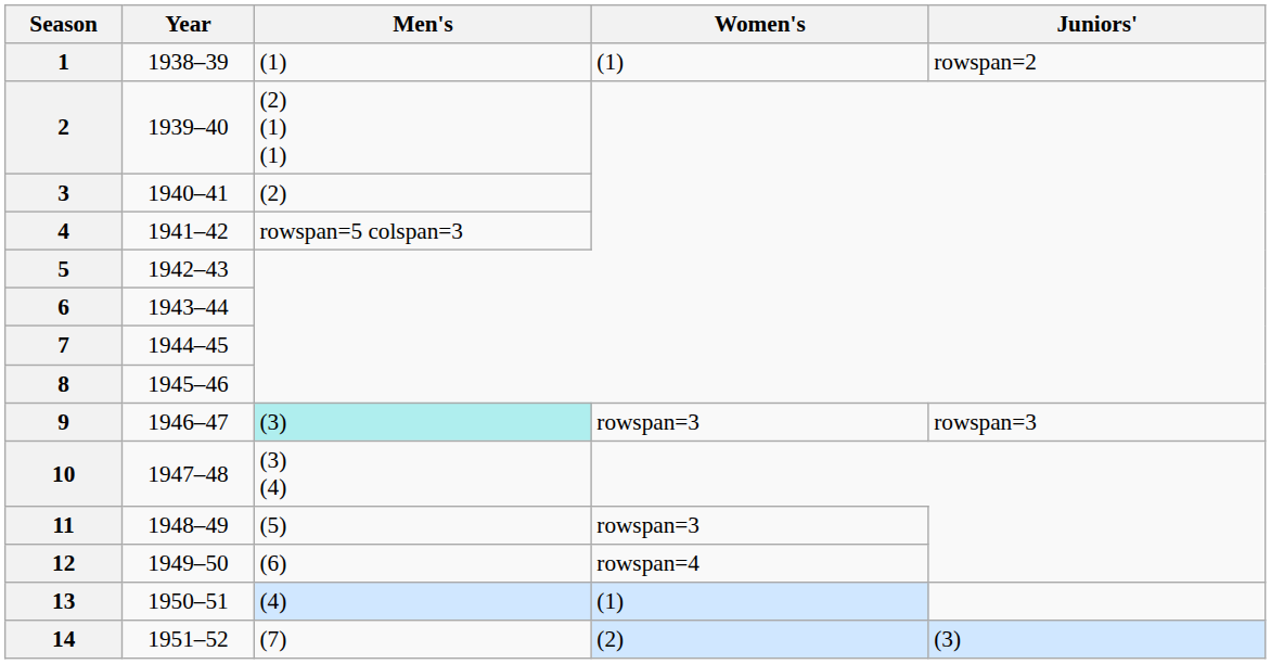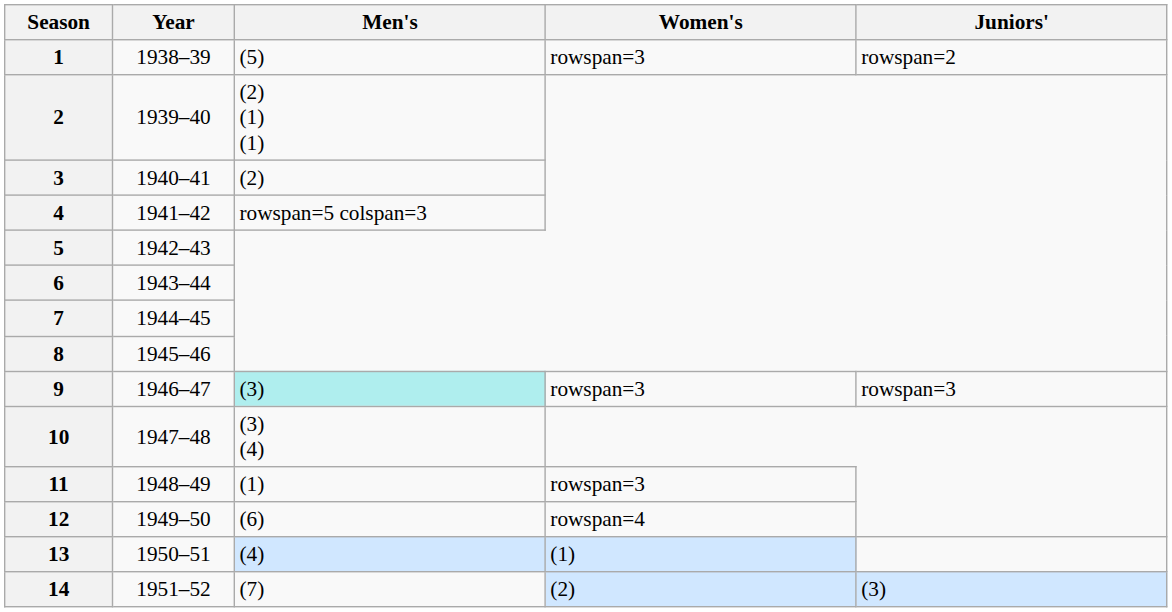 <table class="wikitable plainrowheaders" style="font-size:95%;">
 <tr>
 <th scope="col" style="width:70px;">Season</th>
 <th scope="col" style="width:80px;">Year</th>
 <th scope="col" style="width:215px;">Men's</th>
 <th scope="col" style="width:215px;">Women's</th>
 <th scope="col" style="width:215px;">Juniors'</th>
 </tr>
 <tr>
 <th scope="row" style="text-align:center;">1</th>
 <td align=center>1938–39</td>
-<td> (1)</td>
-<td> (1)</td>
+<td> (5)</td>
+<td>rowspan=3 </td>
 <td>rowspan=2 </td>
 </tr>
 <tr>
 <th scope="row" style="text-align:center;">2</th>
 <td align=center>1939–40</td>
 <td> (2)<br> (1)<br> (1)</td>
 </tr>
 <tr>
 <th scope="row" style="text-align:center;">3</th>
 <td align=center>1940–41</td>
 <td> (2)</td>
 </tr>
 <tr>
 <th scope="row" style="text-align:center;">4</th>
 <td align=center>1941–42</td>
 <td>rowspan=5 colspan=3 </td>
 </tr>
 <tr>
 <th scope="row" style="text-align:center;">5</th>
 <td align=center>1942–43</td>
 </tr>
 <tr>
 <th scope="row" style="text-align:center;">6</th>
 <td align=center>1943–44</td>
 </tr>
 <tr>
 <th scope="row" style="text-align:center;">7</th>
 <td align=center>1944–45</td>
 </tr>
 <tr>
 <th scope="row" style="text-align:center;">8</th>
 <td align=center>1945–46</td>
 </tr>
 <tr>
 <th scope="row" style="text-align:center;">9</th>
 <td align=center>1946–47</td>
 <td style="background: paleturquoise;"> (3)</td>
 <td>rowspan=3 </td>
 <td>rowspan=3 </td>
 </tr>
 <tr>
 <th scope="row" style="text-align:center;">10</th>
 <td align=center>1947–48</td>
 <td> (3)<br> (4)</td>
 </tr>
 <tr>
 <th scope="row" style="text-align:center;">11</th>
 <td align=center>1948–49</td>
-<td> (5)</td>
+<td> (1)</td>
 <td>rowspan=3 </td>
 </tr>
 <tr>
 <th scope="row" style="text-align:center;">12</th>
 <td align=center>1949–50</td>
 <td> (6)</td>
 <td>rowspan=4 </td>
 </tr>
 <tr>
 <th scope="row" style="text-align:center;">13</th>
 <td align=center>1950–51</td>
 <td bgcolor="#D0E7FF"> (4)</td>
 <td bgcolor="#D0E7FF"> (1)</td>
 <td></td>
 </tr>
 <tr>
 <th scope="row" style="text-align:center;">14</th>
 <td align=center>1951–52</td>
 <td> (7)</td>
 <td bgcolor=#D0E7FF> (2)</td>
 <td bgcolor=#D0E7FF> (3)</td>
 </tr>
 </table>
